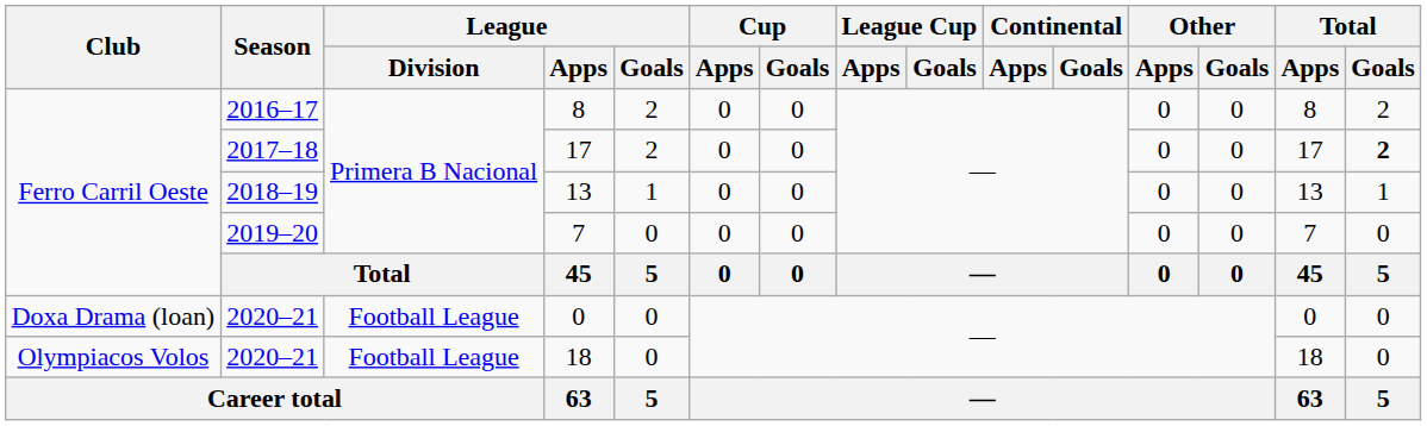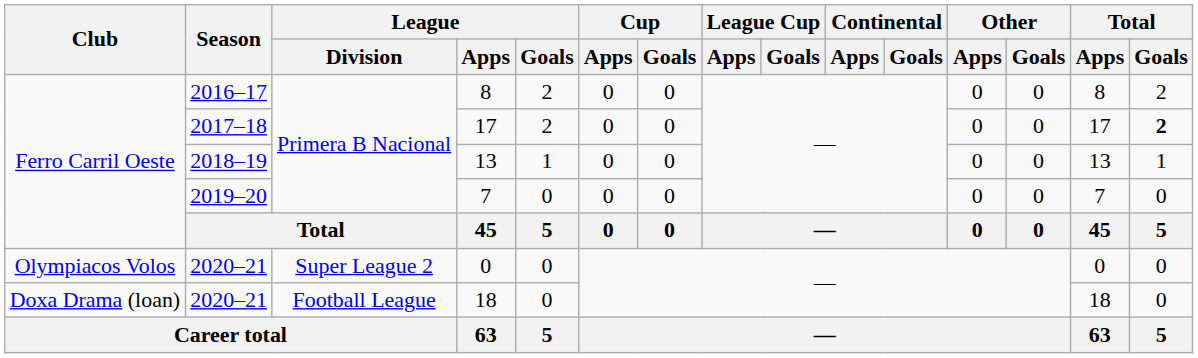 <table class="wikitable" style="text-align:center">
 <tr>
 <th rowspan="2">Club</th>
 <th rowspan="2">Season</th>
 <th colspan="3">League</th>
 <th colspan="2">Cup</th>
 <th colspan="2">League Cup</th>
 <th colspan="2">Continental</th>
 <th colspan="2">Other</th>
 <th colspan="2">Total</th>
 </tr>
 <tr>
 <th>Division</th>
 <th>Apps</th>
 <th>Goals</th>
 <th>Apps</th>
 <th>Goals</th>
 <th>Apps</th>
 <th>Goals</th>
 <th>Apps</th>
 <th>Goals</th>
 <th>Apps</th>
 <th>Goals</th>
 <th>Apps</th>
 <th>Goals</th>
 </tr>
 <tr>
 <td rowspan="5"><a href='#'>Ferro Carril Oeste</a></td>
 <td><a href='#'>2016–17</a></td>
 <td rowspan="4"><a href='#'>Primera B Nacional</a></td>
 <td>8</td>
 <td>2</td>
 <td>0</td>
 <td>0</td>
 <td colspan="4" rowspan="4">—</td>
 <td>0</td>
 <td>0</td>
 <td>8</td>
 <td>2</td>
 </tr>
 <tr>
 <td><a href='#'>2017–18</a></td>
 <td>17</td>
 <td>2</td>
 <td>0</td>
 <td>0</td>
 <td>0</td>
 <td>0</td>
 <td>17</td>
 <td><strong>2</strong></td>
 </tr>
 <tr>
 <td><a href='#'>2018–19</a></td>
 <td>13</td>
 <td>1</td>
 <td>0</td>
 <td>0</td>
 <td>0</td>
 <td>0</td>
 <td>13</td>
 <td>1</td>
 </tr>
 <tr>
 <td><a href='#'>2019–20</a></td>
 <td>7</td>
 <td>0</td>
 <td>0</td>
 <td>0</td>
 <td>0</td>
 <td>0</td>
 <td>7</td>
 <td>0</td>
 </tr>
 <tr>
 <th colspan="2">Total</th>
 <th>45</th>
 <th>5</th>
 <th>0</th>
 <th>0</th>
 <th colspan="4">—</th>
 <th>0</th>
 <th>0</th>
 <th>45</th>
 <th>5</th>
 </tr>
 <tr>
-<td rowspan="1"><a href='#'>Doxa Drama</a> (loan)</td>
+<td rowspan="1"><a href='#'>Olympiacos Volos</a></td>
 <td><a href='#'>2020–21</a></td>
-<td rowspan="1"><a href='#'>Football League</a></td>
+<td rowspan="1"><a href='#'>Super League 2</a></td>
 <td>0</td>
 <td>0</td>
 <td colspan="8" rowspan="2">—</td>
 <td>0</td>
 <td>0</td>
 </tr>
 <tr>
-<td rowspan="1"><a href='#'>Olympiacos Volos</a></td>
+<td rowspan="1"><a href='#'>Doxa Drama</a> (loan)</td>
 <td><a href='#'>2020–21</a></td>
 <td rowspan="1"><a href='#'>Football League</a></td>
 <td>18</td>
 <td>0</td>
 <td>18</td>
 <td>0</td>
 </tr>
 <tr>
 <th colspan="3">Career total</th>
 <th>63</th>
 <th>5</th>
 <th colspan="8">—</th>
 <th>63</th>
 <th>5</th>
 </tr>
 </table>
